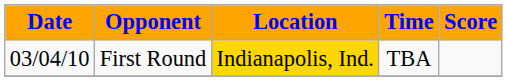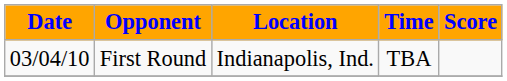 <table class="wikitable" style="text-align:center">
 <tr>
 <th style=" background:orange;color:blue;">Date</th>
 <th style=" background:orange;color:blue;">Opponent</th>
 <th style=" background:orange;color:blue;">Location</th>
 <th style=" background:orange;color:blue;">Time</th>
 <th style=" background:orange;color:blue;">Score</th>
 </tr>
 <tr>
 <td>03/04/10</td>
 <td>First Round</td>
-<td style="background: gold;">Indianapolis, Ind.</td>
+<td>Indianapolis, Ind.</td>
 <td>TBA</td>
 <td></td>
 </tr>
 <tr>
 </tr>
 </table>
